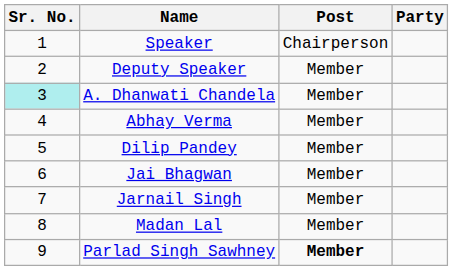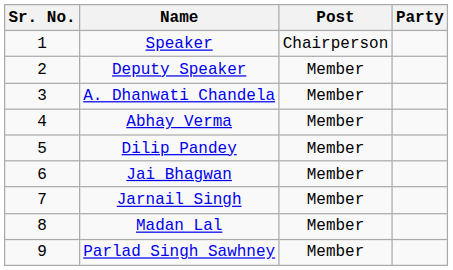 <table class="wikitable sortable">
 <tr>
 <th>Sr. No.</th>
 <th>Name</th>
 <th>Post</th>
 <th colspan="2">Party</th>
 </tr>
 <tr align="center">
 <td>1</td>
 <td><a href='#'>Speaker</a></td>
 <td>Chairperson</td>
 <td></td>
 </tr>
 <tr align="center">
 <td>2</td>
 <td><a href='#'>Deputy Speaker</a></td>
 <td>Member</td>
 <td></td>
 </tr>
 <tr align="center">
-<td style="background: paleturquoise;">3</td>
+<td>3</td>
 <td><a href='#'>A. Dhanwati Chandela</a></td>
 <td>Member</td>
 <td></td>
 </tr>
 <tr align="center">
 <td>4</td>
 <td><a href='#'>Abhay Verma</a></td>
 <td>Member</td>
 <td></td>
 </tr>
 <tr align="center">
 <td>5</td>
 <td><a href='#'>Dilip Pandey</a></td>
 <td>Member</td>
 <td></td>
 </tr>
 <tr align="center">
 <td>6</td>
 <td><a href='#'>Jai Bhagwan</a></td>
 <td>Member</td>
 <td></td>
 </tr>
 <tr align="center">
 <td>7</td>
 <td><a href='#'>Jarnail Singh</a></td>
 <td>Member</td>
 <td></td>
 </tr>
 <tr align="center">
 <td>8</td>
 <td><a href='#'>Madan Lal</a></td>
 <td>Member</td>
 <td></td>
 </tr>
 <tr align="center">
 <td>9</td>
 <td><a href='#'>Parlad Singh Sawhney</a></td>
-<td><strong>Member</strong></td>
+<td>Member</td>
 <td></td>
 </tr>
 </table>
